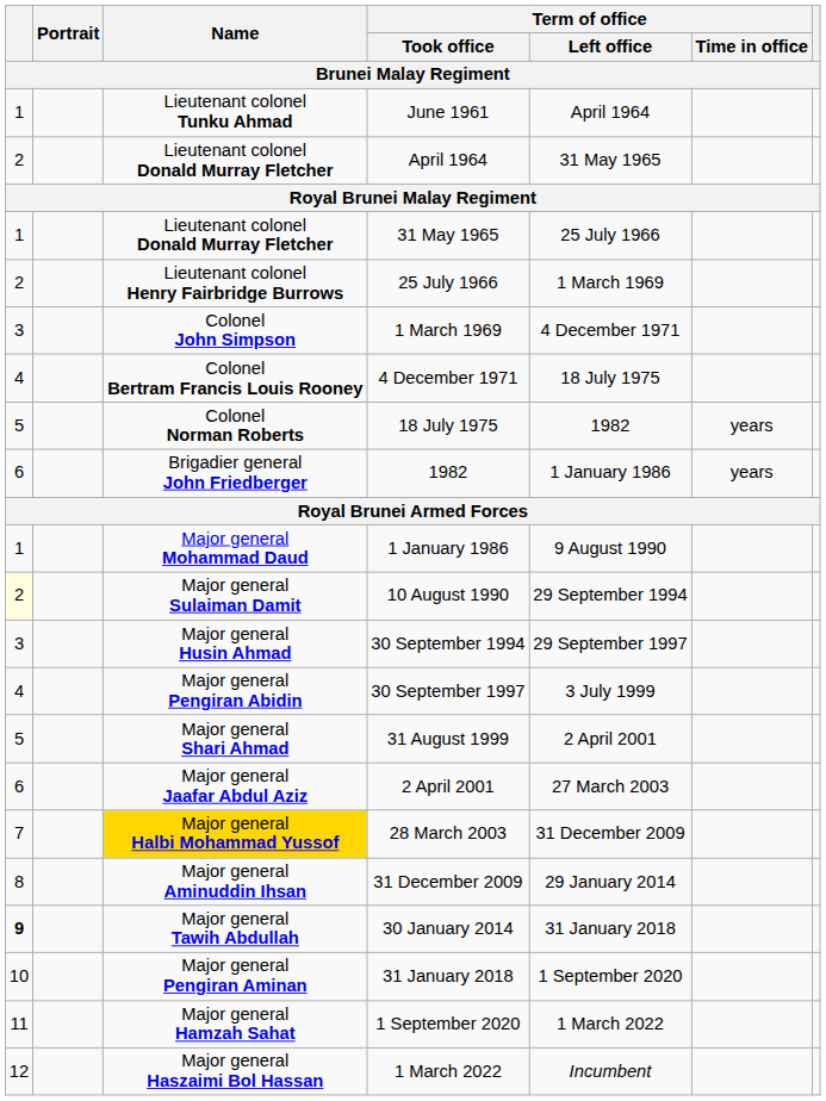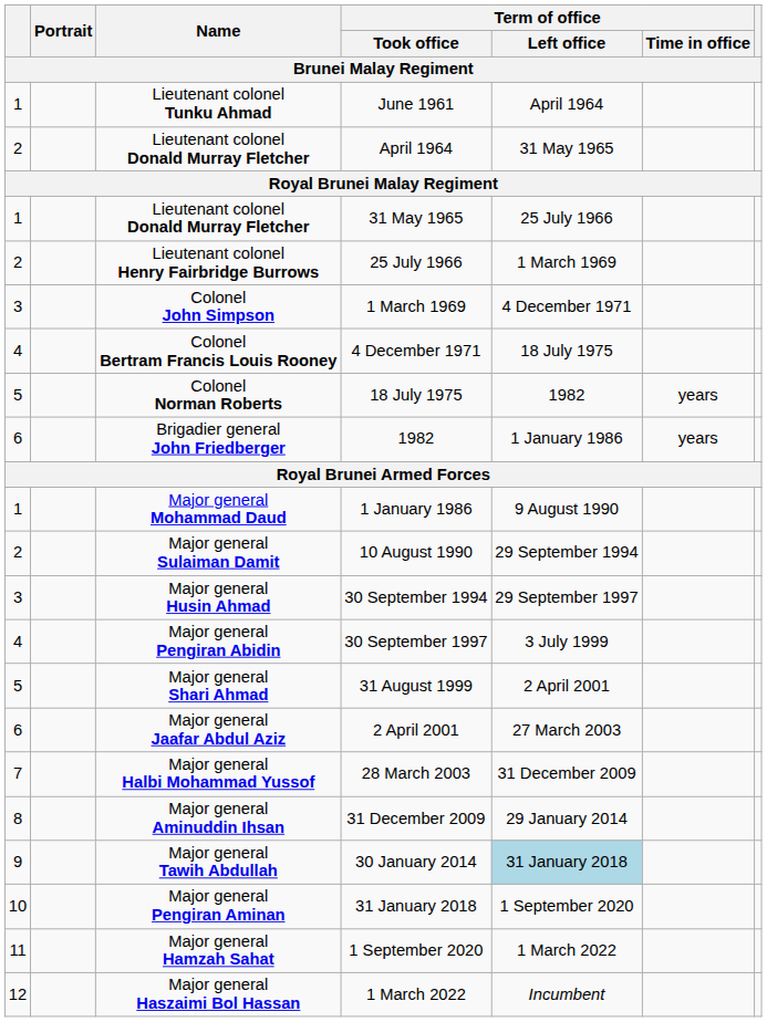 <table class="wikitable" style="text-align:center">
 <tr>
 <th rowspan="2"></th>
 <th rowspan="2">Portrait</th>
 <th rowspan="2">Name<br></th>
 <th colspan="3">Term of office</th>
 <th rowspan="2"></th>
 </tr>
 <tr>
 <th>Took office</th>
 <th>Left office</th>
 <th>Time in office</th>
 </tr>
 <tr>
 <th colspan="7">Brunei Malay Regiment</th>
 </tr>
 <tr>
 <td>1</td>
 <td></td>
 <td>Lieutenant colonel<br><strong>Tunku Ahmad</strong><br></td>
 <td>June 1961</td>
 <td>April 1964</td>
 <td></td>
 <td><br></td>
 </tr>
 <tr>
 <td>2</td>
 <td></td>
 <td>Lieutenant colonel<br>  <strong>Donald Murray Fletcher</strong><br></td>
 <td>April 1964</td>
 <td>31 May 1965</td>
 <td></td>
 <td></td>
 </tr>
 <tr>
 <th colspan="7">Royal Brunei Malay Regiment</th>
 </tr>
 <tr>
 <td>1</td>
 <td></td>
 <td>Lieutenant colonel<br>  <strong>Donald Murray Fletcher</strong><br></td>
 <td>31 May 1965</td>
 <td>25 July 1966</td>
 <td></td>
 <td></td>
 </tr>
 <tr>
 <td>2</td>
 <td></td>
 <td>Lieutenant colonel<br> <strong>Henry Fairbridge Burrows</strong><br></td>
 <td>25 July 1966</td>
 <td>1 March 1969</td>
 <td></td>
 <td><br></td>
 </tr>
 <tr>
 <td>3</td>
 <td></td>
 <td>Colonel<br><strong><a href='#'>John Simpson</a></strong><br></td>
 <td>1 March 1969</td>
 <td>4 December 1971</td>
 <td></td>
 <td><br></td>
 </tr>
 <tr>
 <td>4</td>
 <td></td>
 <td>Colonel<br> <strong>Bertram Francis Louis Rooney</strong><br></td>
 <td>4 December 1971</td>
 <td>18 July 1975</td>
 <td></td>
 <td><br></td>
 </tr>
 <tr>
 <td>5</td>
 <td></td>
 <td>Colonel<br> <strong>Norman Roberts</strong><br></td>
 <td>18 July 1975</td>
 <td>1982</td>
 <td> years</td>
 <td></td>
 </tr>
 <tr>
 <td>6</td>
 <td></td>
 <td>Brigadier general<br><strong><a href='#'>John Friedberger</a></strong><br></td>
 <td>1982</td>
 <td>1 January 1986</td>
 <td> years</td>
 <td></td>
 </tr>
 <tr>
 <th colspan="7">Royal Brunei Armed Forces</th>
 </tr>
 <tr>
 <td>1</td>
 <td></td>
 <td><a href='#'>Major general</a><br><strong><a href='#'>Mohammad Daud</a></strong><br></td>
 <td>1 January 1986</td>
 <td>9 August 1990</td>
 <td></td>
 <td><br></td>
 </tr>
 <tr>
-<td style="background: lightyellow;">2</td>
+<td>2</td>
 <td></td>
 <td>Major general<br><strong><a href='#'>Sulaiman Damit</a></strong><br></td>
 <td>10 August 1990</td>
 <td>29 September 1994</td>
 <td></td>
 <td></td>
 </tr>
 <tr>
 <td>3</td>
 <td></td>
 <td>Major general<br><strong><a href='#'>Husin Ahmad</a></strong><br></td>
 <td>30 September 1994</td>
 <td>29 September 1997</td>
 <td></td>
 <td></td>
 </tr>
 <tr>
 <td>4</td>
 <td></td>
 <td>Major general<br><strong><a href='#'>Pengiran Abidin</a></strong></td>
 <td>30 September 1997</td>
 <td>3 July 1999</td>
 <td></td>
 <td></td>
 </tr>
 <tr>
 <td>5</td>
 <td></td>
 <td>Major general<br><strong><a href='#'>Shari Ahmad</a></strong></td>
 <td>31 August 1999</td>
 <td>2 April 2001</td>
 <td></td>
 <td></td>
 </tr>
 <tr>
 <td>6</td>
 <td></td>
 <td>Major general<br><strong><a href='#'>Jaafar Abdul Aziz</a></strong></td>
 <td>2 April 2001</td>
 <td>27 March 2003</td>
 <td></td>
 <td></td>
 </tr>
 <tr>
 <td>7</td>
 <td></td>
-<td style="background: gold;">Major general<br><strong><a href='#'>Halbi Mohammad Yussof</a></strong><br></td>
+<td>Major general<br><strong><a href='#'>Halbi Mohammad Yussof</a></strong><br></td>
 <td>28 March 2003</td>
 <td>31 December 2009</td>
 <td></td>
 <td><br></td>
 </tr>
 <tr>
 <td>8</td>
 <td></td>
 <td>Major general<br><strong><a href='#'>Aminuddin Ihsan</a></strong><br></td>
 <td>31 December 2009</td>
 <td>29 January 2014</td>
 <td></td>
 <td><br></td>
 </tr>
 <tr>
-<td><strong>9</strong></td>
+<td>9</td>
 <td></td>
 <td>Major general<br><strong><a href='#'>Tawih Abdullah</a></strong><br></td>
 <td>30 January 2014</td>
-<td>31 January 2018</td>
+<td style="background: lightblue;">31 January 2018</td>
 <td></td>
 <td><br></td>
 </tr>
 <tr>
 <td>10</td>
 <td></td>
 <td>Major general<br><strong><a href='#'>Pengiran Aminan</a></strong></td>
 <td>31 January 2018</td>
 <td>1 September 2020</td>
 <td></td>
 <td><br></td>
 </tr>
 <tr>
 <td>11</td>
 <td></td>
 <td>Major general<br><strong><a href='#'>Hamzah Sahat</a></strong></td>
 <td>1 September 2020</td>
 <td>1 March 2022</td>
 <td></td>
 <td></td>
 </tr>
 <tr>
 <td>12</td>
 <td></td>
 <td>Major general<br><strong><a href='#'>Haszaimi Bol Hassan</a></strong></td>
 <td>1 March 2022</td>
 <td><em>Incumbent</em></td>
 <td></td>
 <td></td>
 </tr>
 </table>
